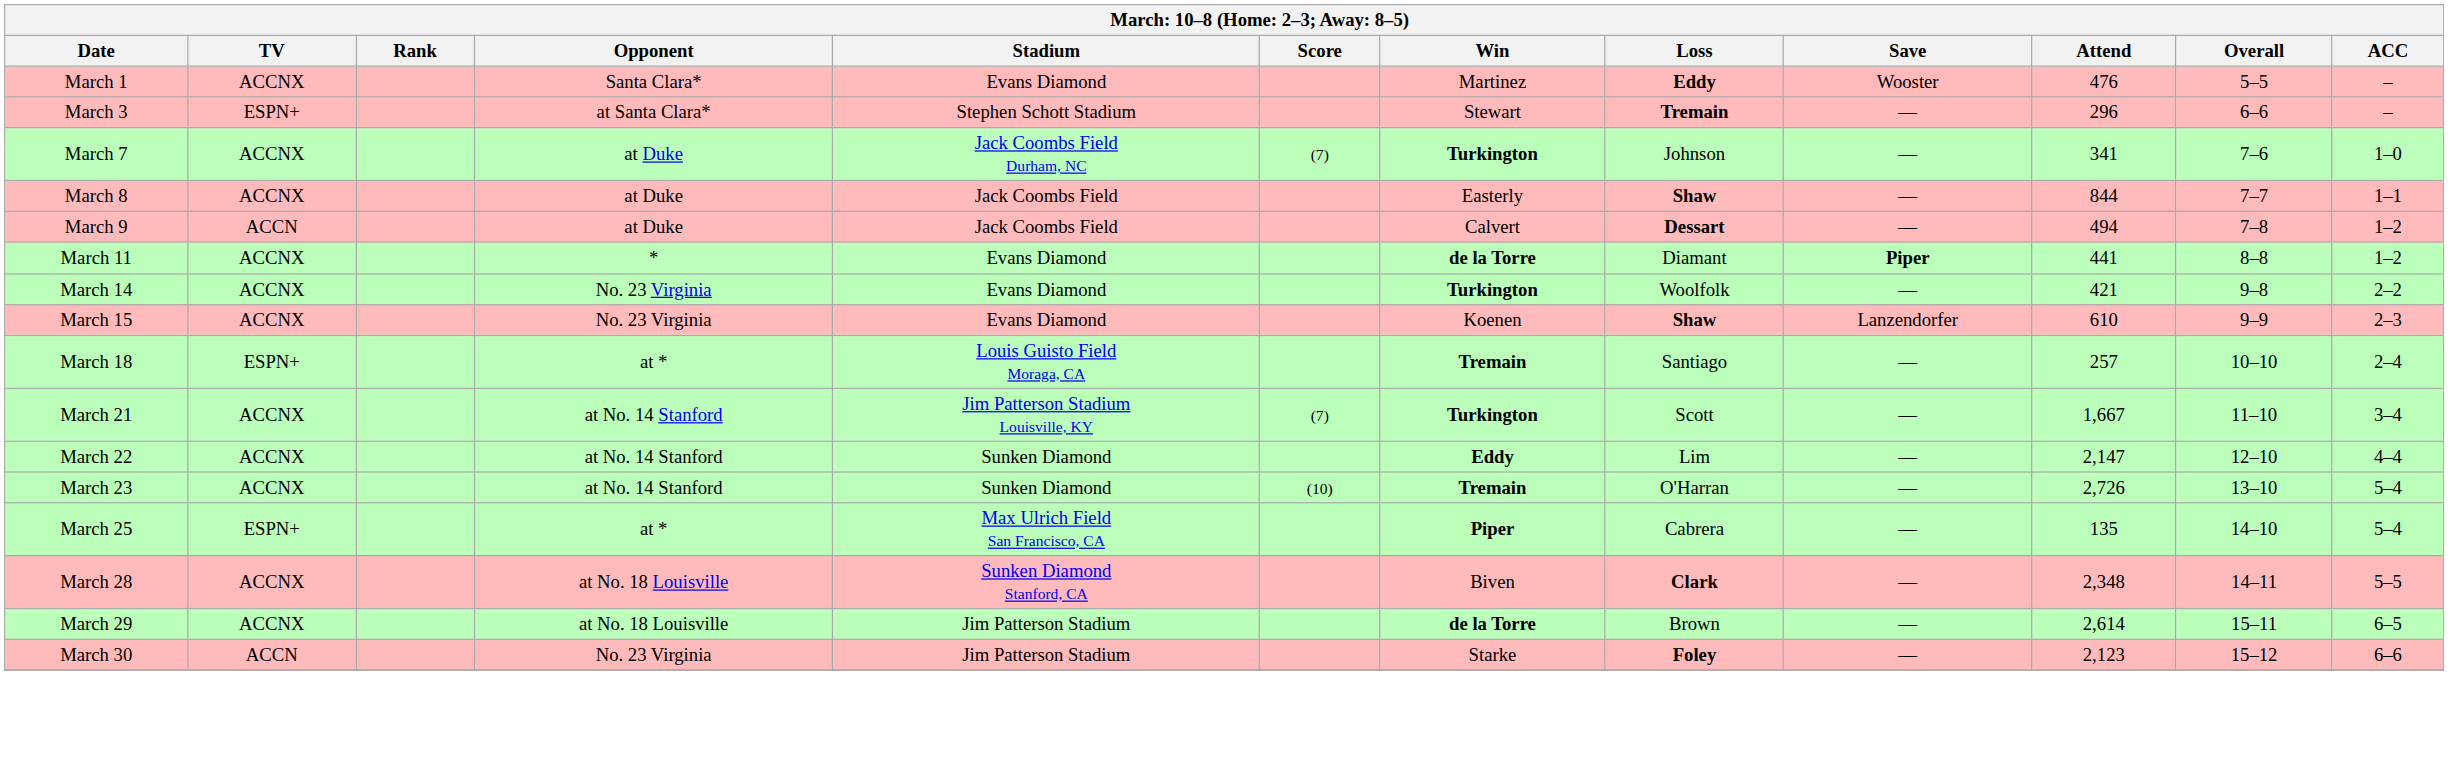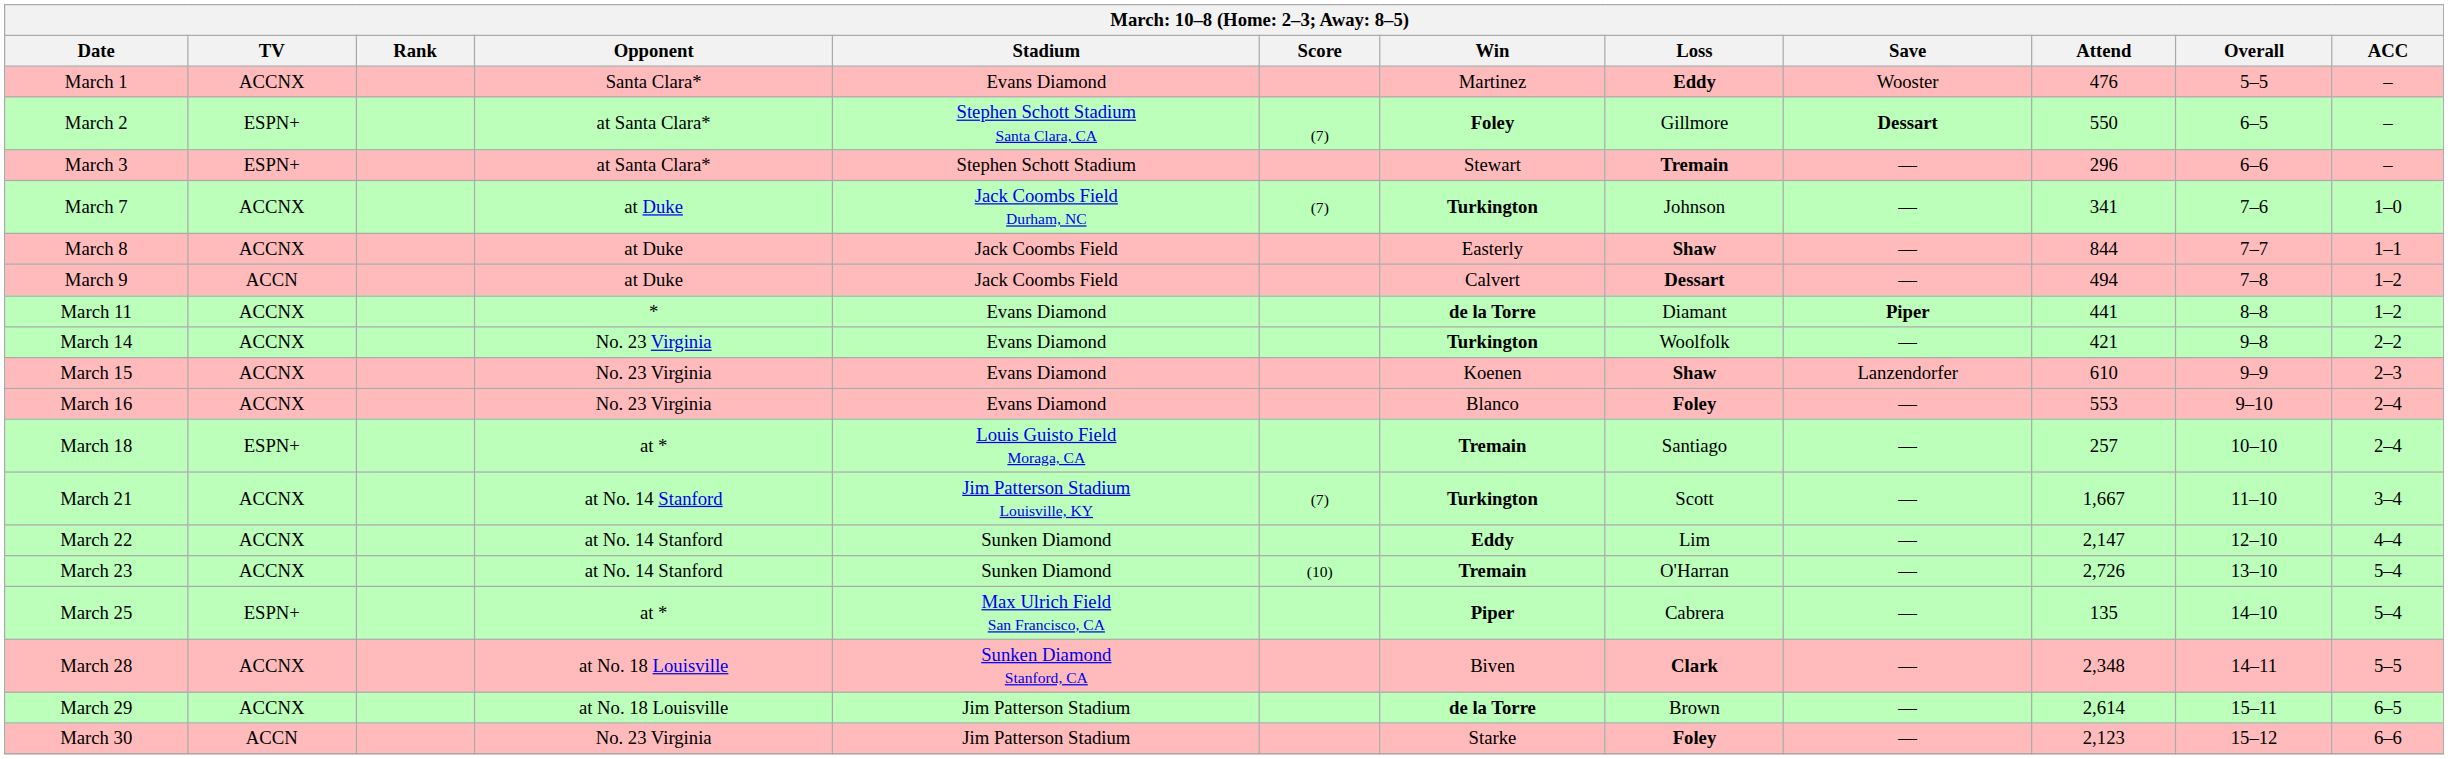 <table class="wikitable collapsible collapsed" style="margin:auto; width:100%; text-align:center; font-size:95%">
 <tr>
 <th colspan=12 style="padding-left:4em;">March: 10–8 (Home: 2–3; Away: 8–5)</th>
 </tr>
 <tr>
 <th>Date</th>
 <th>TV</th>
 <th>Rank</th>
 <th>Opponent</th>
 <th>Stadium</th>
 <th>Score</th>
 <th>Win</th>
 <th>Loss</th>
 <th>Save</th>
 <th>Attend</th>
 <th>Overall</th>
 <th>ACC</th>
 </tr>
 <tr style="background:#fbb;">
 <td>March 1</td>
 <td>ACCNX</td>
 <td></td>
 <td>Santa Clara*</td>
 <td>Evans Diamond</td>
 <td></td>
 <td>Martinez</td>
 <td><strong>Eddy</strong></td>
 <td>Wooster</td>
 <td>476</td>
 <td>5–5</td>
+<td>–</td>
+</tr>
+<tr style="background:#bfb">
+<td>March 2</td>
+<td>ESPN+</td>
+<td></td>
+<td>at Santa Clara*</td>
+<td><a href='#'>Stephen Schott Stadium</a><br><small><a href='#'>Santa Clara, CA</a></small></td>
+<td><br><small>(7)</small></td>
+<td><strong>Foley</strong></td>
+<td>Gillmore</td>
+<td><strong>Dessart</strong></td>
+<td>550</td>
+<td>6–5</td>
 <td>–</td>
 </tr>
 <tr style="background:#fbb">
 <td>March 3</td>
 <td>ESPN+</td>
 <td></td>
 <td>at Santa Clara*</td>
 <td>Stephen Schott Stadium</td>
 <td></td>
 <td>Stewart</td>
 <td><strong>Tremain</strong></td>
 <td>—</td>
 <td>296</td>
 <td>6–6</td>
 <td>–</td>
 </tr>
 <tr style="background:#bfb">
 <td>March 7</td>
 <td>ACCNX</td>
 <td></td>
 <td>at <a href='#'>Duke</a></td>
 <td><a href='#'>Jack Coombs Field</a><br><small><a href='#'>Durham, NC</a></small></td>
 <td> <small>(7)</small></td>
 <td><strong>Turkington</strong></td>
 <td>Johnson</td>
 <td>—</td>
 <td>341</td>
 <td>7–6</td>
 <td>1–0</td>
 </tr>
 <tr style="background:#fbb">
 <td>March 8</td>
 <td>ACCNX</td>
 <td></td>
 <td>at Duke</td>
 <td>Jack Coombs Field</td>
 <td></td>
 <td>Easterly</td>
 <td><strong>Shaw</strong></td>
 <td>—</td>
 <td>844</td>
 <td>7–7</td>
 <td>1–1</td>
 </tr>
 <tr style="background:#fbb">
 <td>March 9</td>
 <td>ACCN</td>
 <td></td>
 <td>at Duke</td>
 <td>Jack Coombs Field</td>
 <td></td>
 <td>Calvert</td>
 <td><strong>Dessart</strong></td>
 <td>—</td>
 <td>494</td>
 <td>7–8</td>
 <td>1–2</td>
 </tr>
 <tr style="background:#bfb">
 <td>March 11</td>
 <td>ACCNX</td>
 <td></td>
 <td>*</td>
 <td>Evans Diamond</td>
 <td></td>
 <td><strong>de la Torre</strong></td>
 <td>Diamant</td>
 <td><strong>Piper</strong></td>
 <td>441</td>
 <td>8–8</td>
 <td>1–2</td>
 </tr>
 <tr style="background:#bfb">
 <td>March 14</td>
 <td>ACCNX</td>
 <td></td>
 <td>No. 23 <a href='#'>Virginia</a></td>
 <td>Evans Diamond</td>
 <td></td>
 <td><strong>Turkington</strong></td>
 <td>Woolfolk</td>
 <td>—</td>
 <td>421</td>
 <td>9–8</td>
 <td>2–2</td>
 </tr>
 <tr style="background:#fbb">
 <td>March 15</td>
 <td>ACCNX</td>
 <td></td>
 <td>No. 23 Virginia</td>
 <td>Evans Diamond</td>
 <td></td>
 <td>Koenen</td>
 <td><strong>Shaw</strong></td>
 <td>Lanzendorfer</td>
 <td>610</td>
 <td>9–9</td>
 <td>2–3</td>
+</tr>
+<tr style="background:#fbb">
+<td>March 16</td>
+<td>ACCNX</td>
+<td></td>
+<td>No. 23 Virginia</td>
+<td>Evans Diamond</td>
+<td></td>
+<td>Blanco</td>
+<td><strong>Foley</strong></td>
+<td>—</td>
+<td>553</td>
+<td>9–10</td>
+<td>2–4</td>
 </tr>
 <tr style="background:#bfb">
 <td>March 18</td>
 <td>ESPN+</td>
 <td></td>
 <td>at *</td>
 <td><a href='#'>Louis Guisto Field</a><br><small><a href='#'>Moraga, CA</a></small></td>
 <td></td>
 <td><strong>Tremain</strong></td>
 <td>Santiago</td>
 <td>—</td>
 <td>257</td>
 <td>10–10</td>
 <td>2–4</td>
 </tr>
 <tr style="background:#bfb">
 <td>March 21</td>
 <td>ACCNX</td>
 <td></td>
 <td>at No. 14 <a href='#'>Stanford</a></td>
 <td><a href='#'>Jim Patterson Stadium</a><br><small><a href='#'>Louisville, KY</a></small></td>
 <td> <small>(7)</small></td>
 <td><strong>Turkington</strong></td>
 <td>Scott</td>
 <td>—</td>
 <td>1,667</td>
 <td>11–10</td>
 <td>3–4</td>
 </tr>
 <tr style="background:#bfb">
 <td>March 22</td>
 <td>ACCNX</td>
 <td></td>
 <td>at No. 14 Stanford</td>
 <td>Sunken Diamond</td>
 <td></td>
 <td><strong>Eddy</strong></td>
 <td>Lim</td>
 <td>—</td>
 <td>2,147</td>
 <td>12–10</td>
 <td>4–4</td>
 </tr>
 <tr style="background:#bfb">
 <td>March 23</td>
 <td>ACCNX</td>
 <td></td>
 <td>at No. 14 Stanford</td>
 <td>Sunken Diamond</td>
 <td> <small>(10)</small></td>
 <td><strong>Tremain</strong></td>
 <td>O'Harran</td>
 <td>—</td>
 <td>2,726</td>
 <td>13–10</td>
 <td>5–4</td>
 </tr>
 <tr style="background:#bfb">
 <td>March 25</td>
 <td>ESPN+</td>
 <td></td>
 <td>at *</td>
 <td><a href='#'>Max Ulrich Field</a><br><small><a href='#'>San Francisco, CA</a></small></td>
 <td></td>
 <td><strong>Piper</strong></td>
 <td>Cabrera</td>
 <td>—</td>
 <td>135</td>
 <td>14–10</td>
 <td>5–4</td>
 </tr>
 <tr style="background:#fbb">
 <td>March 28</td>
 <td>ACCNX</td>
 <td></td>
 <td>at No. 18 <a href='#'>Louisville</a></td>
 <td><a href='#'>Sunken Diamond</a><br><small><a href='#'>Stanford, CA</a></small></td>
 <td></td>
 <td>Biven</td>
 <td><strong>Clark</strong></td>
 <td>—</td>
 <td>2,348</td>
 <td>14–11</td>
 <td>5–5</td>
 </tr>
 <tr style="background:#bfb">
 <td>March 29</td>
 <td>ACCNX</td>
 <td></td>
 <td>at No. 18 Louisville</td>
 <td>Jim Patterson Stadium</td>
 <td></td>
 <td><strong>de la Torre</strong></td>
 <td>Brown</td>
 <td>—</td>
 <td>2,614</td>
 <td>15–11</td>
 <td>6–5</td>
 </tr>
 <tr style="background:#fbb">
 <td>March 30</td>
 <td>ACCN</td>
 <td></td>
 <td>No. 23 Virginia</td>
 <td>Jim Patterson Stadium</td>
 <td></td>
 <td>Starke</td>
 <td><strong>Foley</strong></td>
 <td>—</td>
 <td>2,123</td>
 <td>15–12</td>
 <td>6–6</td>
 </tr>
 <tr>
 </tr>
 </table>
